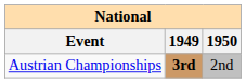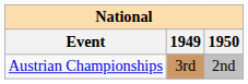 <table class="wikitable" style="text-align:center">
 <tr>
 <th style="background-color: #ffdead; " colspan=3 align=center>National</th>
 </tr>
 <tr>
 <th>Event</th>
 <th>1949</th>
 <th>1950</th>
 </tr>
 <tr>
 <td align=left><a href='#'>Austrian Championships</a></td>
-<td bgcolor=cc9966><strong>3rd</strong></td>
+<td bgcolor=cc9966>3rd</td>
 <td bgcolor=silver>2nd</td>
 </tr>
 </table>
